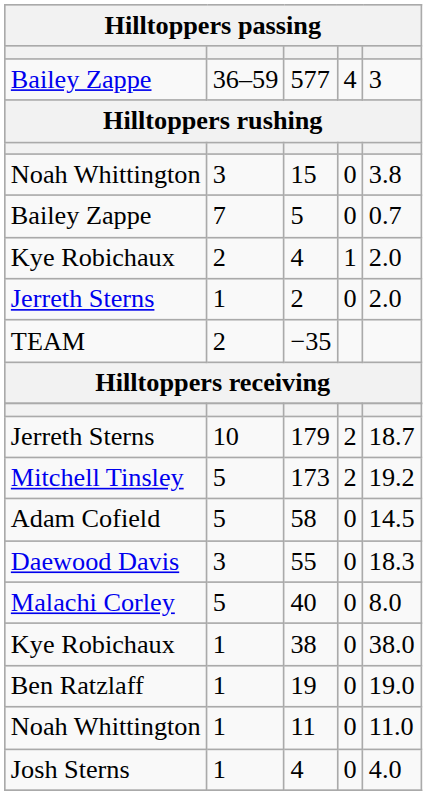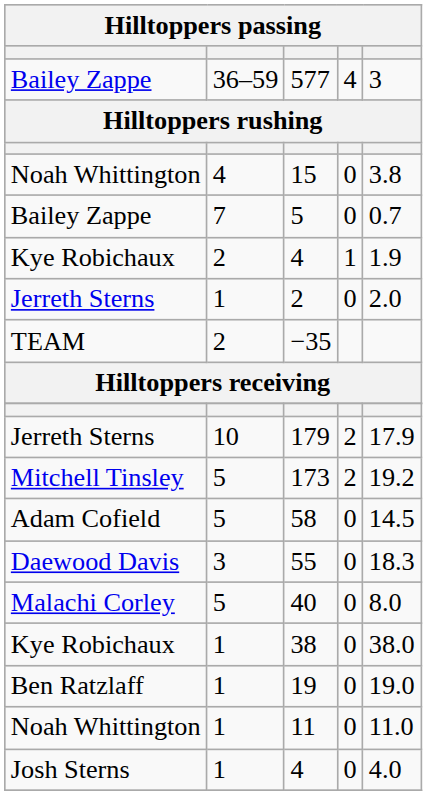 <table class="wikitable plainrowheaders">
 <tr>
 <th colspan="6">Hilltoppers passing</th>
 </tr>
 <tr>
 <th scope="col"></th>
 <th scope="col"></th>
 <th scope="col"></th>
 <th scope="col"></th>
 <th scope="col"></th>
 </tr>
 <tr>
 <td><a href='#'>Bailey Zappe</a></td>
 <td>36–59</td>
 <td>577</td>
 <td>4</td>
 <td>3</td>
 </tr>
 <tr>
 <th colspan="6">Hilltoppers rushing</th>
 </tr>
 <tr>
 <th scope="col"></th>
 <th scope="col"></th>
 <th scope="col"></th>
 <th scope="col"></th>
 <th scope="col"></th>
 </tr>
 <tr>
 <td>Noah Whittington</td>
-<td>3</td>
+<td>4</td>
 <td>15</td>
 <td>0</td>
 <td>3.8</td>
 </tr>
 <tr>
 <td>Bailey Zappe</td>
 <td>7</td>
 <td>5</td>
 <td>0</td>
 <td>0.7</td>
 </tr>
 <tr>
 <td>Kye Robichaux</td>
 <td>2</td>
 <td>4</td>
 <td>1</td>
-<td>2.0</td>
+<td>1.9</td>
 </tr>
 <tr>
 <td><a href='#'>Jerreth Sterns</a></td>
 <td>1</td>
 <td>2</td>
 <td>0</td>
 <td>2.0</td>
 </tr>
 <tr>
 <td>TEAM</td>
 <td>2</td>
 <td>−35</td>
 <td></td>
 <td></td>
 </tr>
 <tr>
 <th colspan="6">Hilltoppers receiving</th>
 </tr>
 <tr>
 </tr>
 <tr>
 <th scope="col"></th>
 <th scope="col"></th>
 <th scope="col"></th>
 <th scope="col"></th>
 <th scope="col"></th>
 </tr>
 <tr>
 <td>Jerreth Sterns</td>
 <td>10</td>
 <td>179</td>
 <td>2</td>
-<td>18.7</td>
+<td>17.9</td>
 </tr>
 <tr>
 <td><a href='#'>Mitchell Tinsley</a></td>
 <td>5</td>
 <td>173</td>
 <td>2</td>
 <td>19.2</td>
 </tr>
 <tr>
 <td>Adam Cofield</td>
 <td>5</td>
 <td>58</td>
 <td>0</td>
 <td>14.5</td>
 </tr>
 <tr>
 <td><a href='#'>Daewood Davis</a></td>
 <td>3</td>
 <td>55</td>
 <td>0</td>
 <td>18.3</td>
 </tr>
 <tr>
 <td><a href='#'>Malachi Corley</a></td>
 <td>5</td>
 <td>40</td>
 <td>0</td>
 <td>8.0</td>
 </tr>
 <tr>
 <td>Kye Robichaux</td>
 <td>1</td>
 <td>38</td>
 <td>0</td>
 <td>38.0</td>
 </tr>
 <tr>
 <td>Ben Ratzlaff</td>
 <td>1</td>
 <td>19</td>
 <td>0</td>
 <td>19.0</td>
 </tr>
 <tr>
 <td>Noah Whittington</td>
 <td>1</td>
 <td>11</td>
 <td>0</td>
 <td>11.0</td>
 </tr>
 <tr>
 <td>Josh Sterns</td>
 <td>1</td>
 <td>4</td>
 <td>0</td>
 <td>4.0</td>
 </tr>
 <tr>
 </tr>
 </table>
